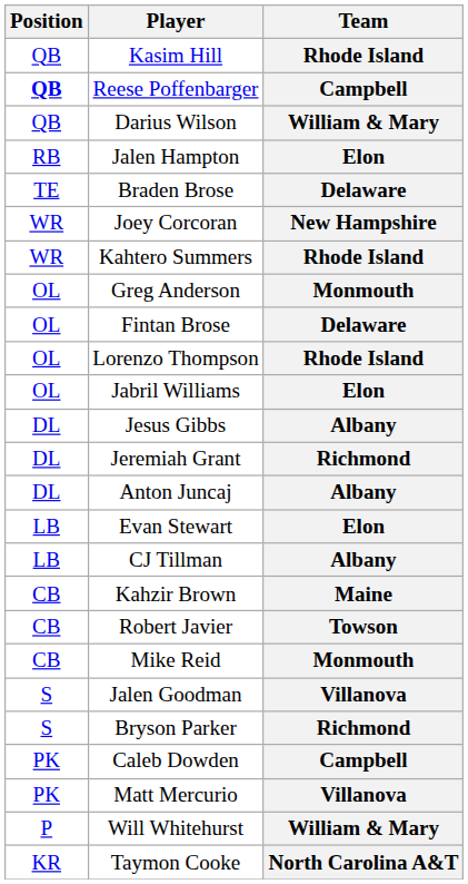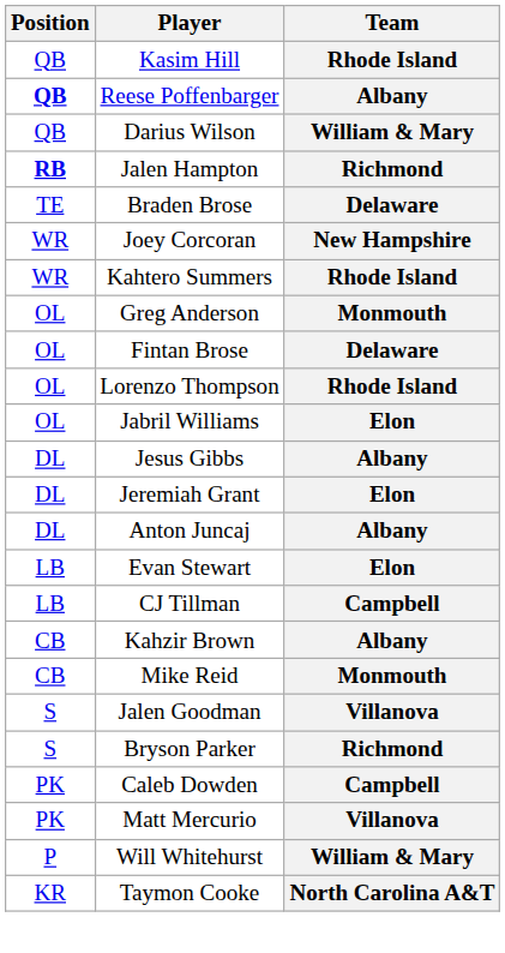 <table class="wikitable sortable" border="1">
 <tr>
 <th>Position</th>
 <th>Player</th>
 <th>Team</th>
 </tr>
 <tr>
 <td style="text-align:center; background:white"><a href='#'>QB</a></td>
 <td style="text-align:center; background:white"><a href='#'>Kasim Hill</a></td>
 <th>Rhode Island</th>
 </tr>
 <tr>
 <td style="text-align:center; background:white"><strong><a href='#'>QB</a></strong></td>
 <td style="text-align:center; background:white"><a href='#'>Reese Poffenbarger</a></td>
-<th>Campbell</th>
+<th>Albany</th>
 </tr>
 <tr>
 <td style="text-align:center; background:white"><a href='#'>QB</a></td>
 <td style="text-align:center; background:white">Darius Wilson</td>
 <th>William & Mary</th>
 </tr>
 <tr>
-<td style="text-align:center; background:white"><a href='#'>RB</a></td>
+<td style="text-align:center; background:white"><strong><a href='#'>RB</a></strong></td>
 <td style="text-align:center; background:white">Jalen Hampton</td>
-<th>Elon</th>
+<th>Richmond</th>
 </tr>
 <tr>
 <td style="text-align:center; background:white"><a href='#'>TE</a></td>
 <td style="text-align:center; background:white">Braden Brose</td>
 <th>Delaware</th>
 </tr>
 <tr>
 <td style="text-align:center; background:white"><a href='#'>WR</a></td>
 <td style="text-align:center; background:white">Joey Corcoran</td>
 <th>New Hampshire</th>
 </tr>
 <tr>
 <td style="text-align:center; background:white"><a href='#'>WR</a></td>
 <td style="text-align:center; background:white">Kahtero Summers</td>
 <th>Rhode Island</th>
 </tr>
 <tr>
 <td style="text-align:center; background:white"><a href='#'>OL</a></td>
 <td style="text-align:center; background:white">Greg Anderson</td>
 <th>Monmouth</th>
 </tr>
 <tr>
 <td style="text-align:center; background:white"><a href='#'>OL</a></td>
 <td style="text-align:center; background:white">Fintan Brose</td>
 <th>Delaware</th>
 </tr>
 <tr>
 <td style="text-align:center; background:white"><a href='#'>OL</a></td>
 <td style="text-align:center; background:white">Lorenzo Thompson</td>
 <th>Rhode Island</th>
 </tr>
 <tr>
 <td style="text-align:center; background:white"><a href='#'>OL</a></td>
 <td style="text-align:center; background:white">Jabril Williams</td>
 <th>Elon</th>
 </tr>
 <tr>
 <td style="text-align:center; background:white"><a href='#'>DL</a></td>
 <td style="text-align:center; background:white">Jesus Gibbs</td>
 <th>Albany</th>
 </tr>
 <tr>
 <td style="text-align:center; background:white"><a href='#'>DL</a></td>
 <td style="text-align:center; background:white">Jeremiah Grant</td>
-<th>Richmond</th>
+<th>Elon</th>
 </tr>
 <tr>
 <td style="text-align:center; background:white"><a href='#'>DL</a></td>
 <td style="text-align:center; background:white">Anton Juncaj</td>
 <th>Albany</th>
 </tr>
 <tr>
 <td style="text-align:center; background:white"><a href='#'>LB</a></td>
 <td style="text-align:center; background:white">Evan Stewart</td>
 <th>Elon</th>
 </tr>
 <tr>
 <td style="text-align:center; background:white"><a href='#'>LB</a></td>
 <td style="text-align:center; background:white">CJ Tillman</td>
-<th>Albany</th>
+<th>Campbell</th>
 </tr>
 <tr>
 <td style="text-align:center; background:white"><a href='#'>CB</a></td>
 <td style="text-align:center; background:white">Kahzir Brown</td>
-<th>Maine</th>
-</tr>
-<tr>
-<td style="text-align:center; background:white"><a href='#'>CB</a></td>
-<td style="text-align:center; background:white">Robert Javier</td>
-<th>Towson</th>
+<th>Albany</th>
 </tr>
 <tr>
 <td style="text-align:center; background:white"><a href='#'>CB</a></td>
 <td style="text-align:center; background:white">Mike Reid</td>
 <th>Monmouth</th>
 </tr>
 <tr>
 <td style="text-align:center; background:white"><a href='#'>S</a></td>
 <td style="text-align:center; background:white">Jalen Goodman</td>
 <th>Villanova</th>
 </tr>
 <tr>
 <td style="text-align:center; background:white"><a href='#'>S</a></td>
 <td style="text-align:center; background:white">Bryson Parker</td>
 <th>Richmond</th>
 </tr>
 <tr>
 <td style="text-align:center; background:white"><a href='#'>PK</a></td>
 <td style="text-align:center; background:white">Caleb Dowden</td>
 <th>Campbell</th>
 </tr>
 <tr>
 <td style="text-align:center; background:white"><a href='#'>PK</a></td>
 <td style="text-align:center; background:white">Matt Mercurio</td>
 <th>Villanova</th>
 </tr>
 <tr>
 <td style="text-align:center; background:white"><a href='#'>P</a></td>
 <td style="text-align:center; background:white">Will Whitehurst</td>
 <th>William & Mary</th>
 </tr>
 <tr>
 <td style="text-align:center; background:white"><a href='#'>KR</a></td>
 <td style="text-align:center; background:white">Taymon Cooke</td>
 <th>North Carolina A&T</th>
 </tr>
 </table>
